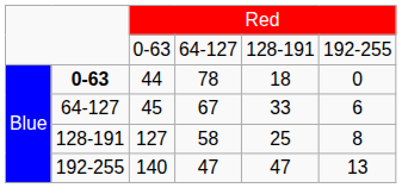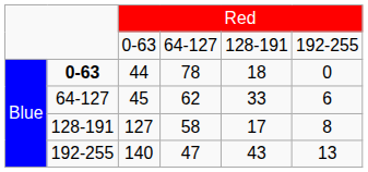 <table class="wikitable" align="center">
 <tr align="center">
 <td colspan="2" rowspan="2"> </td>
 <td colspan="4" style="background:red; color:white;">Red</td>
 </tr>
 <tr align="center">
 <td>0-63</td>
 <td>64-127</td>
 <td>128-191</td>
 <td>192-255</td>
 </tr>
 <tr align="center">
 <td rowspan="4" style="background:blue; color:white;">Blue</td>
 <td><strong>0-63</strong></td>
 <td>44</td>
 <td>78</td>
 <td>18</td>
 <td>0</td>
 </tr>
 <tr align="center">
 <td>64-127</td>
 <td>45</td>
-<td>67</td>
+<td>62</td>
 <td>33</td>
 <td>6</td>
 </tr>
 <tr align="center">
 <td>128-191</td>
 <td>127</td>
 <td>58</td>
-<td>25</td>
+<td>17</td>
 <td>8</td>
 </tr>
 <tr align="center">
 <td>192-255</td>
 <td>140</td>
 <td>47</td>
-<td>47</td>
+<td>43</td>
 <td>13</td>
 </tr>
 </table>
